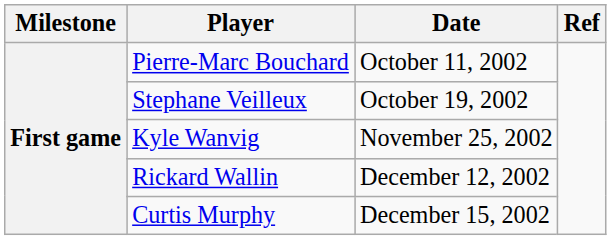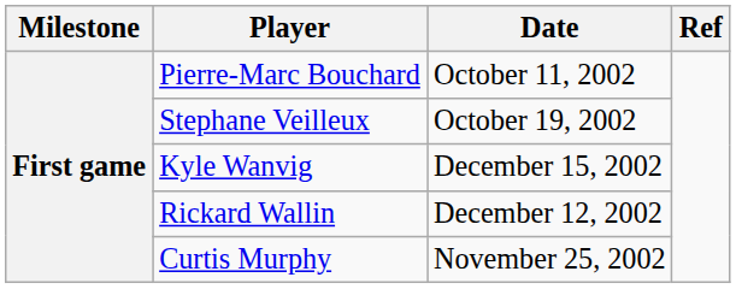 <table class="wikitable">
 <tr>
 <th scope="col">Milestone</th>
 <th scope="col">Player</th>
 <th scope="col">Date</th>
 <th scope="col">Ref</th>
 </tr>
 <tr>
 <th rowspan=5>First game</th>
 <td><a href='#'>Pierre-Marc Bouchard</a></td>
 <td>October 11, 2002</td>
 <td rowspan=5></td>
 </tr>
 <tr>
 <td><a href='#'>Stephane Veilleux</a></td>
 <td>October 19, 2002</td>
 </tr>
 <tr>
 <td><a href='#'>Kyle Wanvig</a></td>
-<td>November 25, 2002</td>
+<td>December 15, 2002</td>
 </tr>
 <tr>
 <td><a href='#'>Rickard Wallin</a></td>
 <td>December 12, 2002</td>
 </tr>
 <tr>
 <td><a href='#'>Curtis Murphy</a></td>
-<td>December 15, 2002</td>
+<td>November 25, 2002</td>
 </tr>
 </table>
